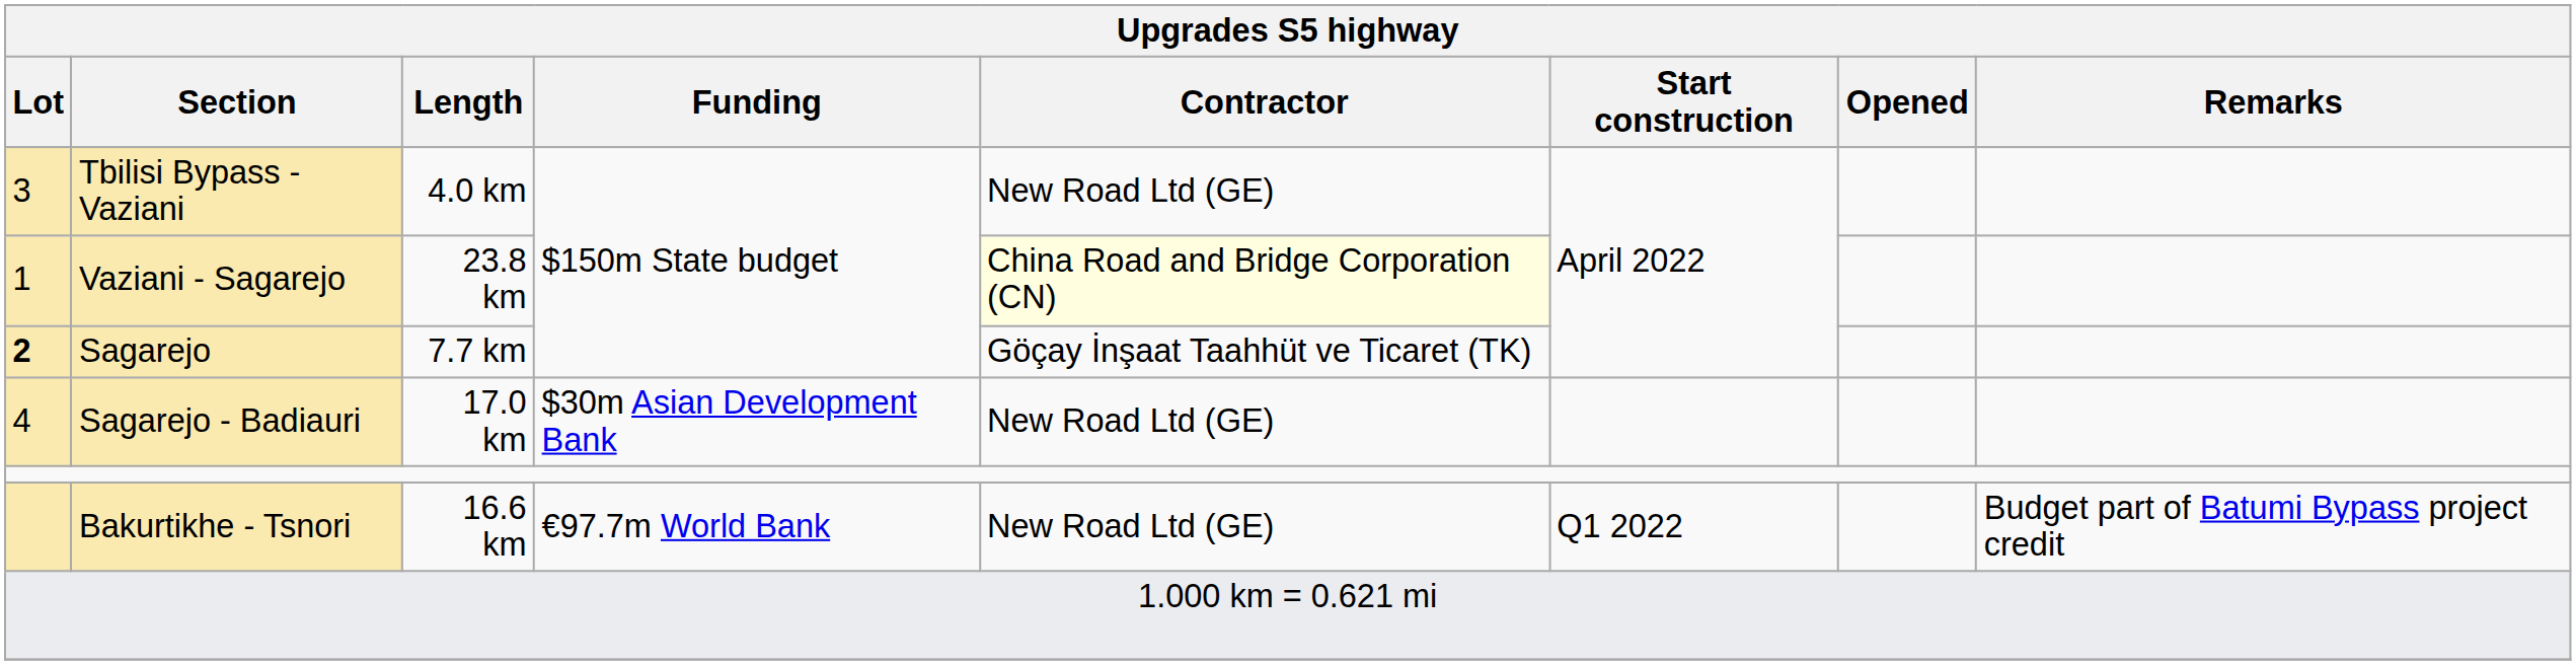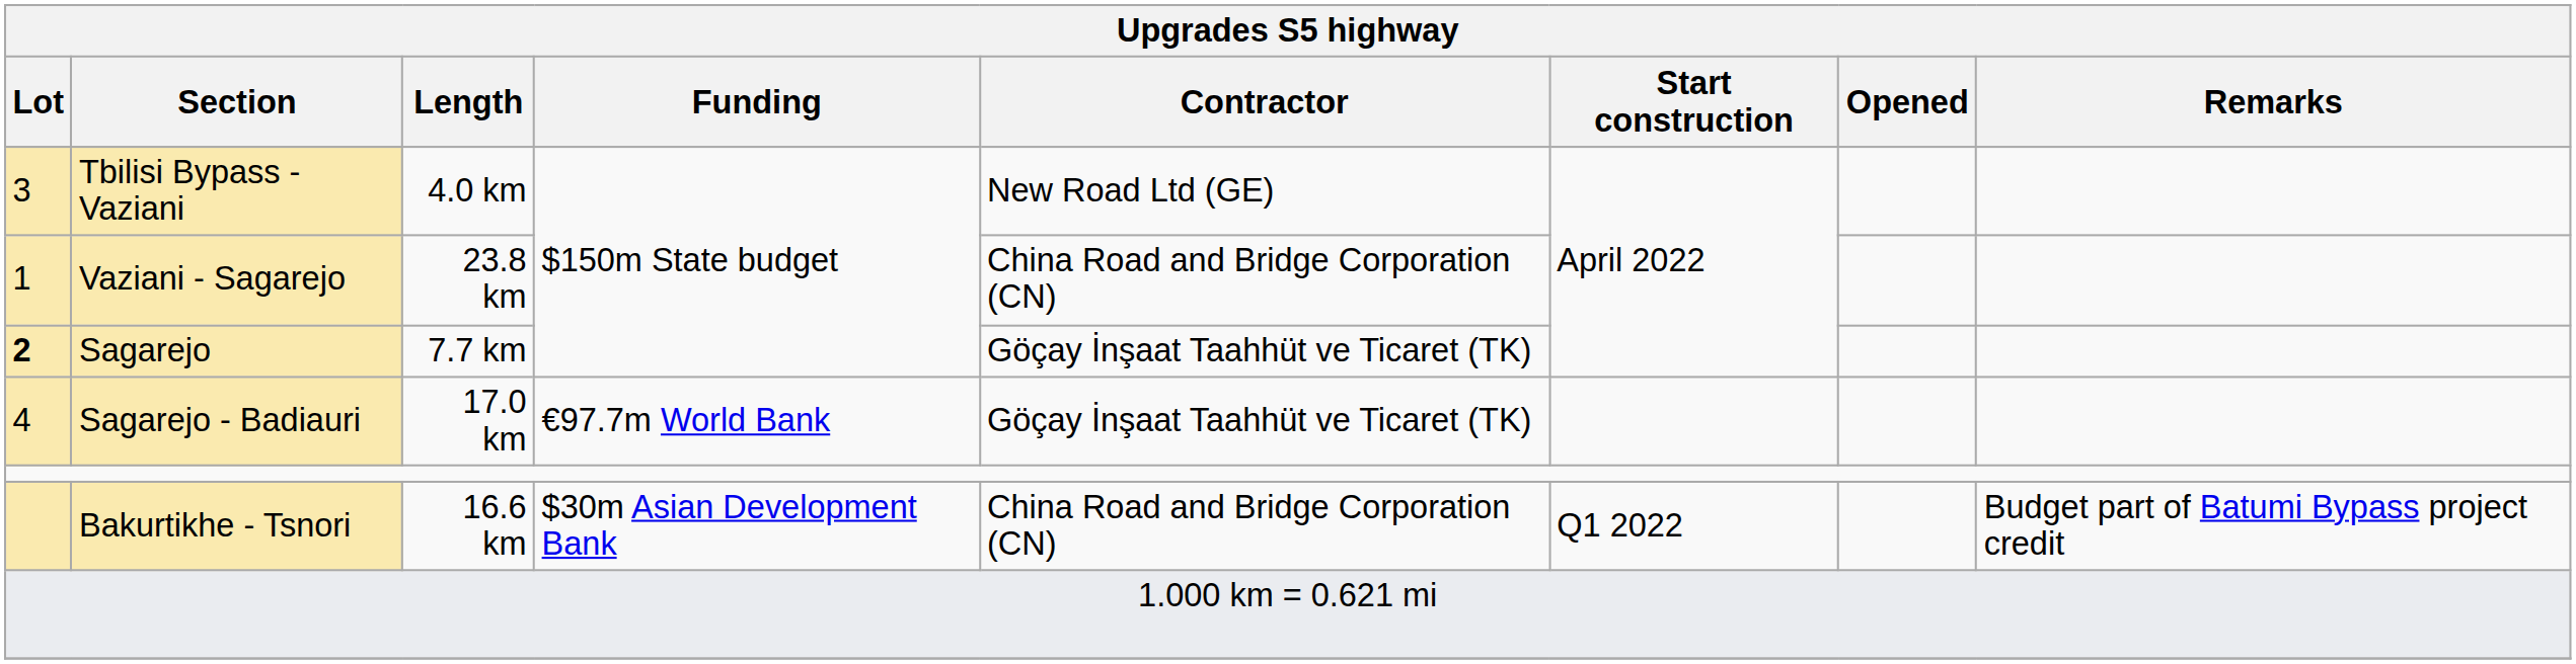 <table class="wikitable">
 <tr>
 <th colspan=8 align=center>Upgrades S5 highway</th>
 </tr>
 <tr>
 <th>Lot</th>
 <th>Section</th>
 <th>Length</th>
 <th>Funding</th>
 <th>Contractor</th>
 <th>Start construction</th>
 <th>Opened</th>
 <th>Remarks</th>
 </tr>
 <tr>
 <td style="background-color:#faeaaf">3</td>
 <td style="background-color:#faeaaf">Tbilisi Bypass - Vaziani</td>
 <td align=right>4.0 km</td>
 <td rowspan=3>$150m State budget</td>
 <td>New Road Ltd (GE)</td>
 <td rowspan=3>April 2022</td>
 <td></td>
 <td></td>
 </tr>
 <tr>
 <td style="background-color:#faeaaf">1</td>
 <td style="background-color:#faeaaf">Vaziani - Sagarejo</td>
 <td align=right>23.8 km</td>
-<td style="background: lightyellow;">China Road and Bridge Corporation (CN)</td>
+<td>China Road and Bridge Corporation (CN)</td>
 <td></td>
 <td></td>
 </tr>
 <tr>
 <td style="background-color:#faeaaf"><strong>2</strong></td>
 <td style="background-color:#faeaaf">Sagarejo</td>
 <td align=right>7.7 km</td>
 <td>Göçay İnşaat Taahhüt ve Ticaret (TK)</td>
 <td></td>
 <td></td>
 </tr>
 <tr>
 <td style="background-color:#faeaaf">4</td>
 <td style="background-color:#faeaaf">Sagarejo - Badiauri</td>
 <td align=right>17.0 km</td>
-<td>$30m <a href='#'>Asian Development Bank</a></td>
-<td>New Road Ltd (GE)</td>
+<td>€97.7m <a href='#'>World Bank</a></td>
+<td>Göçay İnşaat Taahhüt ve Ticaret (TK)</td>
 <td></td>
 <td></td>
 </tr>
 <tr>
 <td colspan=8></td>
 </tr>
 <tr>
 <td style="background-color:#faeaaf"></td>
 <td style="background-color:#faeaaf">Bakurtikhe - Tsnori</td>
 <td align=right>16.6 km</td>
-<td>€97.7m <a href='#'>World Bank</a></td>
-<td>New Road Ltd (GE)</td>
+<td>$30m <a href='#'>Asian Development Bank</a></td>
+<td>China Road and Bridge Corporation (CN)</td>
 <td>Q1 2022</td>
 <td></td>
 <td>Budget part of <a href='#'>Batumi Bypass</a> project credit</td>
 </tr>
 <tr>
 <td colspan=8 class="wikitable" style="align:center;text-align:center;background-color:#eaecf0">1.000 km = 0.621 mi<br><br></td>
 </tr>
 <tr>
 </tr>
 </table>
